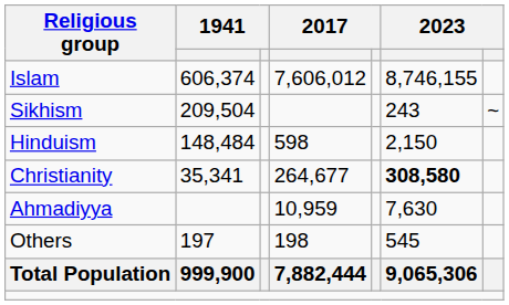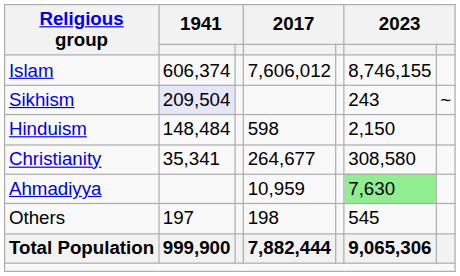 <table class="wikitable sortable">
 <tr>
 <th rowspan="2"><a href='#'>Religious</a><br>group</th>
 <th colspan="2">1941</th>
 <th colspan="2">2017</th>
 <th colspan="2">2023</th>
 </tr>
 <tr>
 <th><a href='#'></a></th>
 <th></th>
 <th></th>
 <th></th>
 <th></th>
 <th></th>
 </tr>
 <tr>
 <td><a href='#'>Islam</a> </td>
 <td>606,374</td>
 <td></td>
 <td>7,606,012</td>
 <td></td>
 <td>8,746,155</td>
 <td></td>
 </tr>
 <tr>
 <td><a href='#'>Sikhism</a> </td>
-<td>209,504</td>
+<td style="background: lavender;">209,504</td>
 <td></td>
 <td></td>
 <td></td>
 <td>243</td>
 <td>~</td>
 </tr>
 <tr>
 <td><a href='#'>Hinduism</a> </td>
 <td>148,484</td>
 <td></td>
 <td>598</td>
 <td></td>
 <td>2,150</td>
 <td></td>
 </tr>
 <tr>
 <td><a href='#'>Christianity</a> </td>
 <td>35,341</td>
 <td></td>
 <td>264,677</td>
 <td></td>
-<td><strong>308,580</strong></td>
+<td>308,580</td>
 <td></td>
 </tr>
 <tr>
 <td><a href='#'>Ahmadiyya</a> </td>
 <td></td>
 <td></td>
 <td>10,959</td>
 <td></td>
-<td>7,630</td>
+<td style="background: lightgreen;">7,630</td>
 <td></td>
 </tr>
 <tr>
 <td>Others</td>
 <td>197</td>
 <td></td>
 <td>198</td>
 <td></td>
 <td>545</td>
 <td></td>
 </tr>
 <tr>
 <th>Total Population</th>
 <th>999,900</th>
 <th></th>
 <th>7,882,444</th>
 <th></th>
 <th>9,065,306</th>
 <th></th>
 </tr>
 <tr class="sortbottom">
 <td colspan="7"></td>
 </tr>
 </table>
